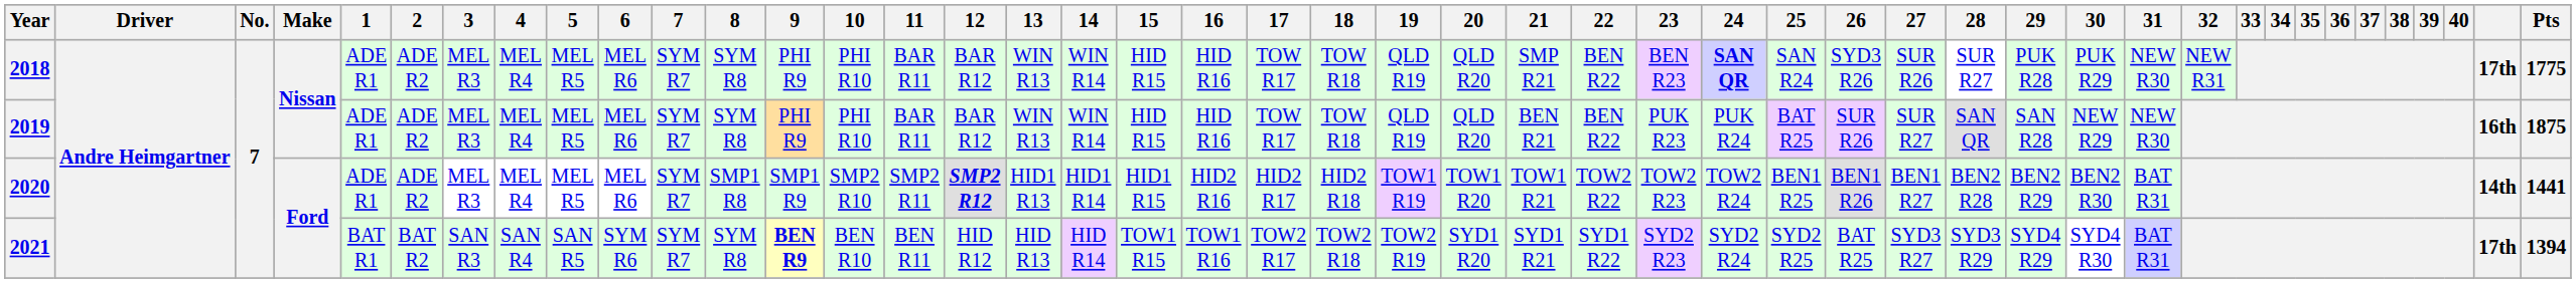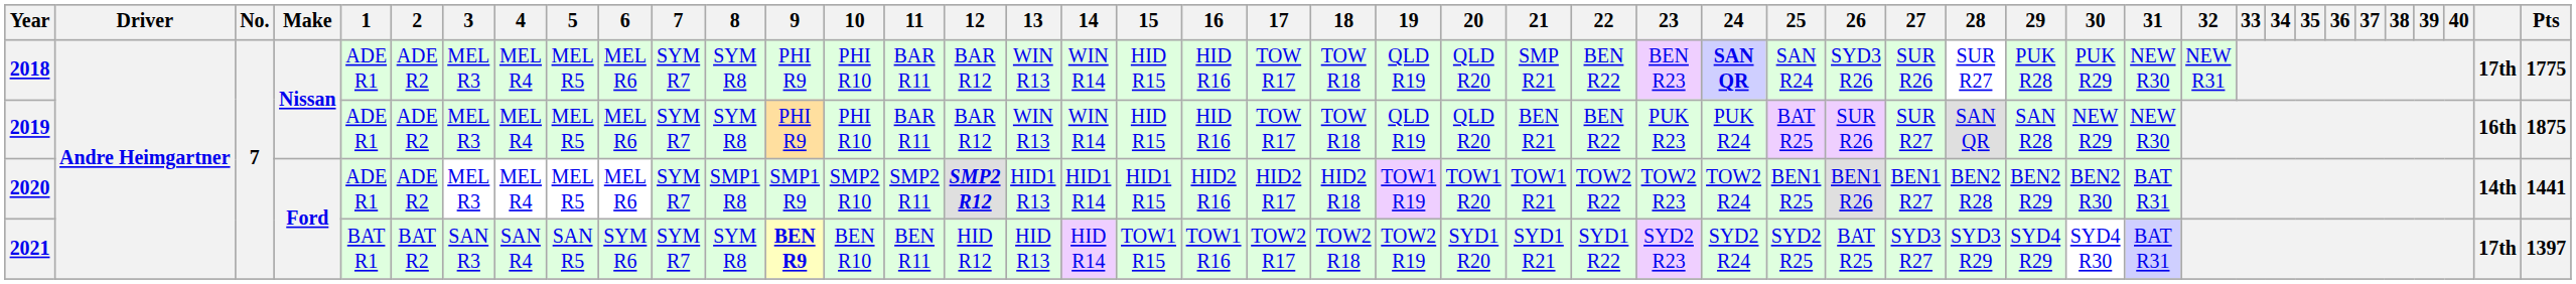 <table class="wikitable mw-collapsible mw-collapsed" style="text-align:center; font-size:75%">
 <tr>
 <th>Year</th>
 <th>Driver</th>
 <th>No.</th>
 <th>Make</th>
 <th>1</th>
 <th>2</th>
 <th>3</th>
 <th>4</th>
 <th>5</th>
 <th>6</th>
 <th>7</th>
 <th>8</th>
 <th>9</th>
 <th>10</th>
 <th>11</th>
 <th>12</th>
 <th>13</th>
 <th>14</th>
 <th>15</th>
 <th>16</th>
 <th>17</th>
 <th>18</th>
 <th>19</th>
 <th>20</th>
 <th>21</th>
 <th>22</th>
 <th>23</th>
 <th>24</th>
 <th>25</th>
 <th>26</th>
 <th>27</th>
 <th>28</th>
 <th>29</th>
 <th>30</th>
 <th>31</th>
 <th>32</th>
 <th>33</th>
 <th>34</th>
 <th>35</th>
 <th>36</th>
 <th>37</th>
 <th>38</th>
 <th>39</th>
 <th>40</th>
 <th></th>
 <th>Pts</th>
 </tr>
 <tr>
 <th><a href='#'>2018</a></th>
 <th rowspan=4><a href='#'>Andre Heimgartner</a></th>
 <th rowspan=12>7</th>
 <th rowspan=2><a href='#'>Nissan</a></th>
 <td style="background: #dfffdf"><a href='#'>ADE<br>R1</a><br></td>
 <td style="background: #dfffdf"><a href='#'>ADE<br>R2</a><br></td>
 <td style="background: #dfffdf"><a href='#'>MEL<br>R3</a><br></td>
 <td style="background: #dfffdf"><a href='#'>MEL<br>R4</a><br></td>
 <td style="background: #dfffdf"><a href='#'>MEL<br>R5</a><br></td>
 <td style="background: #dfffdf"><a href='#'>MEL<br>R6</a><br></td>
 <td style="background: #dfffdf"><a href='#'>SYM<br>R7</a><br></td>
 <td style="background: #dfffdf"><a href='#'>SYM<br>R8</a><br></td>
 <td style="background: #dfffdf"><a href='#'>PHI<br>R9</a><br></td>
 <td style="background: #dfffdf"><a href='#'>PHI<br>R10</a><br></td>
 <td style="background: #dfffdf"><a href='#'>BAR<br>R11</a><br></td>
 <td style="background: #dfffdf"><a href='#'>BAR<br>R12</a><br></td>
 <td style="background: #dfffdf"><a href='#'>WIN<br>R13</a><br></td>
 <td style="background: #dfffdf"><a href='#'>WIN<br>R14</a><br></td>
 <td style="background: #dfffdf"><a href='#'>HID<br>R15</a><br></td>
 <td style="background: #dfffdf"><a href='#'>HID<br>R16</a><br></td>
 <td style="background: #dfffdf"><a href='#'>TOW<br>R17</a><br></td>
 <td style="background: #dfffdf"><a href='#'>TOW<br>R18</a><br></td>
 <td style="background: #dfffdf"><a href='#'>QLD<br>R19</a><br></td>
 <td style="background: #dfffdf"><a href='#'>QLD<br>R20</a><br></td>
 <td style="background: #dfffdf"><a href='#'>SMP<br>R21</a><br></td>
 <td style="background: #dfffdf"><a href='#'>BEN<br>R22</a><br></td>
 <td style="background: #efcfff"><a href='#'>BEN<br>R23</a><br></td>
 <td style="background: #cfcfff"><strong><a href='#'>SAN<br>QR</a><br></strong></td>
 <td style="background: #dfffdf"><a href='#'>SAN<br>R24</a><br></td>
 <td style="background: #dfffdf"><a href='#'>SYD3<br>R26</a><br></td>
 <td style="background: #dfffdf"><a href='#'>SUR<br>R26</a><br></td>
 <td style="background: #ffffff"><a href='#'>SUR<br>R27</a><br></td>
 <td style="background: #dfffdf"><a href='#'>PUK<br>R28</a><br></td>
 <td style="background: #dfffdf"><a href='#'>PUK<br>R29</a><br></td>
 <td style="background: #dfffdf"><a href='#'>NEW<br>R30</a><br></td>
 <td style="background: #dfffdf"><a href='#'>NEW<br>R31</a><br></td>
 <th colspan=8></th>
 <th>17th</th>
 <th>1775</th>
 </tr>
 <tr>
 <th><a href='#'>2019</a></th>
 <td style="background: #dfffdf"><a href='#'>ADE<br>R1</a><br></td>
 <td style="background: #dfffdf"><a href='#'>ADE<br>R2</a><br></td>
 <td style="background: #dfffdf"><a href='#'>MEL<br>R3</a><br></td>
 <td style="background: #dfffdf"><a href='#'>MEL<br>R4</a><br></td>
 <td style="background: #dfffdf"><a href='#'>MEL<br>R5</a><br></td>
 <td style="background: #dfffdf"><a href='#'>MEL<br>R6</a><br></td>
 <td style="background: #dfffdf"><a href='#'>SYM<br>R7</a><br></td>
 <td style="background: #dfffdf"><a href='#'>SYM<br>R8</a><br></td>
 <td style="background: #ffdf9f"><a href='#'>PHI<br>R9</a><br></td>
 <td style="background: #dfffdf"><a href='#'>PHI<br>R10</a><br></td>
 <td style="background: #dfffdf"><a href='#'>BAR<br>R11</a><br></td>
 <td style="background: #dfffdf"><a href='#'>BAR<br>R12</a><br></td>
 <td style="background: #dfffdf"><a href='#'>WIN<br>R13</a><br></td>
 <td style="background: #dfffdf"><a href='#'>WIN<br>R14</a><br></td>
 <td style="background: #dfffdf"><a href='#'>HID<br>R15</a><br></td>
 <td style="background: #dfffdf"><a href='#'>HID<br>R16</a><br></td>
 <td style="background: #dfffdf"><a href='#'>TOW<br>R17</a><br></td>
 <td style="background: #dfffdf"><a href='#'>TOW<br>R18</a><br></td>
 <td style="background: #dfffdf"><a href='#'>QLD<br>R19</a><br></td>
 <td style="background: #dfffdf"><a href='#'>QLD<br>R20</a><br></td>
 <td style="background: #dfffdf"><a href='#'>BEN<br>R21</a><br></td>
 <td style="background: #dfffdf"><a href='#'>BEN<br>R22</a><br></td>
 <td style="background: #dfffdf"><a href='#'>PUK<br>R23</a><br></td>
 <td style="background: #dfffdf"><a href='#'>PUK<br>R24</a><br></td>
 <td style="background: #efcfff"><a href='#'>BAT<br>R25</a><br></td>
 <td style="background: #efcfff"><a href='#'>SUR<br>R26</a><br></td>
 <td style="background: #dfffdf"><a href='#'>SUR<br>R27</a><br></td>
 <td style="background: #dfdfdf"><a href='#'>SAN<br>QR</a><br></td>
 <td style="background: #dfffdf"><a href='#'>SAN<br>R28</a><br></td>
 <td style="background: #dfffdf"><a href='#'>NEW<br>R29</a><br></td>
 <td style="background: #dfffdf"><a href='#'>NEW<br>R30</a><br></td>
 <th colspan=9></th>
 <th>16th</th>
 <th>1875</th>
 </tr>
 <tr>
 <th><a href='#'>2020</a></th>
 <th rowspan=2><a href='#'>Ford</a></th>
 <td style="background: #dfffdf"><a href='#'>ADE<br>R1</a><br></td>
 <td style="background: #dfffdf"><a href='#'>ADE<br>R2</a><br></td>
 <td style="background: #ffffff"><a href='#'>MEL<br>R3</a><br></td>
 <td style="background: #ffffff"><a href='#'>MEL<br>R4</a><br></td>
 <td style="background: #ffffff"><a href='#'>MEL<br>R5</a><br></td>
 <td style="background: #ffffff"><a href='#'>MEL<br>R6</a><br></td>
 <td style="background: #dfffdf"><a href='#'>SYM<br>R7</a><br></td>
 <td style="background: #dfffdf"><a href='#'>SMP1<br>R8</a><br></td>
 <td style="background: #dfffdf"><a href='#'>SMP1<br>R9</a><br></td>
 <td style="background: #dfffdf"><a href='#'>SMP2<br>R10</a><br></td>
 <td style="background: #dfffdf"><a href='#'>SMP2<br>R11</a><br></td>
 <td style="background: #dfdfdf"><strong><em><a href='#'>SMP2<br>R12</a><br></em></strong></td>
 <td style="background: #dfffdf"><a href='#'>HID1<br>R13</a><br></td>
 <td style="background: #dfffdf"><a href='#'>HID1<br>R14</a><br></td>
 <td style="background: #dfffdf"><a href='#'>HID1<br>R15</a><br></td>
 <td style="background: #dfffdf"><a href='#'>HID2<br>R16</a><br></td>
 <td style="background: #dfffdf"><a href='#'>HID2<br>R17</a><br></td>
 <td style="background: #dfffdf"><a href='#'>HID2<br>R18</a><br></td>
 <td style="background: #efcfff"><a href='#'>TOW1<br>R19</a><br></td>
 <td style="background: #dfffdf"><a href='#'>TOW1<br>R20</a><br></td>
 <td style="background: #dfffdf"><a href='#'>TOW1<br>R21</a><br></td>
 <td style="background: #dfffdf"><a href='#'>TOW2<br>R22</a><br></td>
 <td style="background: #dfffdf"><a href='#'>TOW2<br>R23</a><br></td>
 <td style="background: #dfffdf"><a href='#'>TOW2<br>R24</a><br></td>
 <td style="background: #dfffdf"><a href='#'>BEN1<br>R25</a><br></td>
 <td style="background: #dfdfdf"><a href='#'>BEN1<br>R26</a><br></td>
 <td style="background: #dfffdf"><a href='#'>BEN1<br>R27</a><br></td>
 <td style="background: #dfffdf"><a href='#'>BEN2<br>R28</a><br></td>
 <td style="background: #dfffdf"><a href='#'>BEN2<br>R29</a><br></td>
 <td style="background: #dfffdf"><a href='#'>BEN2<br>R30</a><br></td>
 <td style="background: #dfffdf"><a href='#'>BAT<br>R31</a><br></td>
 <th colspan=9></th>
 <th>14th</th>
 <th>1441</th>
 </tr>
 <tr>
 <th><a href='#'>2021</a></th>
 <td style="background: #dfffdf"><a href='#'>BAT<br>R1</a><br></td>
 <td style="background: #dfffdf"><a href='#'>BAT<br>R2</a><br></td>
 <td style="background: #dfffdf"><a href='#'>SAN<br>R3</a><br></td>
 <td style="background: #dfffdf"><a href='#'>SAN<br>R4</a><br></td>
 <td style="background: #dfffdf"><a href='#'>SAN<br>R5</a><br></td>
 <td style="background: #dfffdf"><a href='#'>SYM<br>R6</a><br></td>
 <td style="background: #dfffdf"><a href='#'>SYM<br>R7</a><br></td>
 <td style="background: #dfffdf"><a href='#'>SYM<br>R8</a><br></td>
 <td style="background: #ffffbf"><strong><a href='#'>BEN<br>R9</a><br></strong></td>
 <td style="background: #dfffdf"><a href='#'>BEN<br>R10</a><br></td>
 <td style="background: #dfffdf"><a href='#'>BEN<br>R11</a><br></td>
 <td style="background: #dfffdf"><a href='#'>HID<br>R12</a><br></td>
 <td style="background: #dfffdf"><a href='#'>HID<br>R13</a><br></td>
 <td style="background: #efcfff"><a href='#'>HID<br>R14</a><br></td>
 <td style="background: #dfffdf"><a href='#'>TOW1<br>R15</a><br></td>
 <td style="background: #dfffdf"><a href='#'>TOW1<br>R16</a><br></td>
 <td style="background: #dfffdf"><a href='#'>TOW2<br>R17</a><br></td>
 <td style="background: #dfffdf"><a href='#'>TOW2<br>R18</a><br></td>
 <td style="background: #dfffdf"><a href='#'>TOW2<br>R19</a><br></td>
 <td style="background: #dfffdf"><a href='#'>SYD1<br>R20</a><br></td>
 <td style="background: #dfffdf"><a href='#'>SYD1<br>R21</a><br></td>
 <td style="background: #dfffdf"><a href='#'>SYD1<br>R22</a><br></td>
 <td style="background: #efcfff"><a href='#'>SYD2<br>R23</a><br></td>
 <td style="background: #dfffdf"><a href='#'>SYD2<br>R24</a><br></td>
 <td style="background: #dfffdf"><a href='#'>SYD2<br>R25</a><br></td>
 <td style="background: #dfffdf"><a href='#'>BAT<br>R25</a><br></td>
 <td style="background: #dfffdf"><a href='#'>SYD3<br>R27</a><br></td>
 <td style="background: #dfffdf"><a href='#'>SYD3<br>R29</a><br></td>
 <td style="background: #dfffdf"><a href='#'>SYD4<br>R29</a><br></td>
 <td style="background: #ffffff"><a href='#'>SYD4<br>R30</a><br></td>
 <td style="background: #cfcfff"><a href='#'>BAT<br>R31</a><br></td>
 <th colspan=9></th>
 <th>17th</th>
-<th>1394</th>
+<th>1397</th>
 </tr>
 </table>
